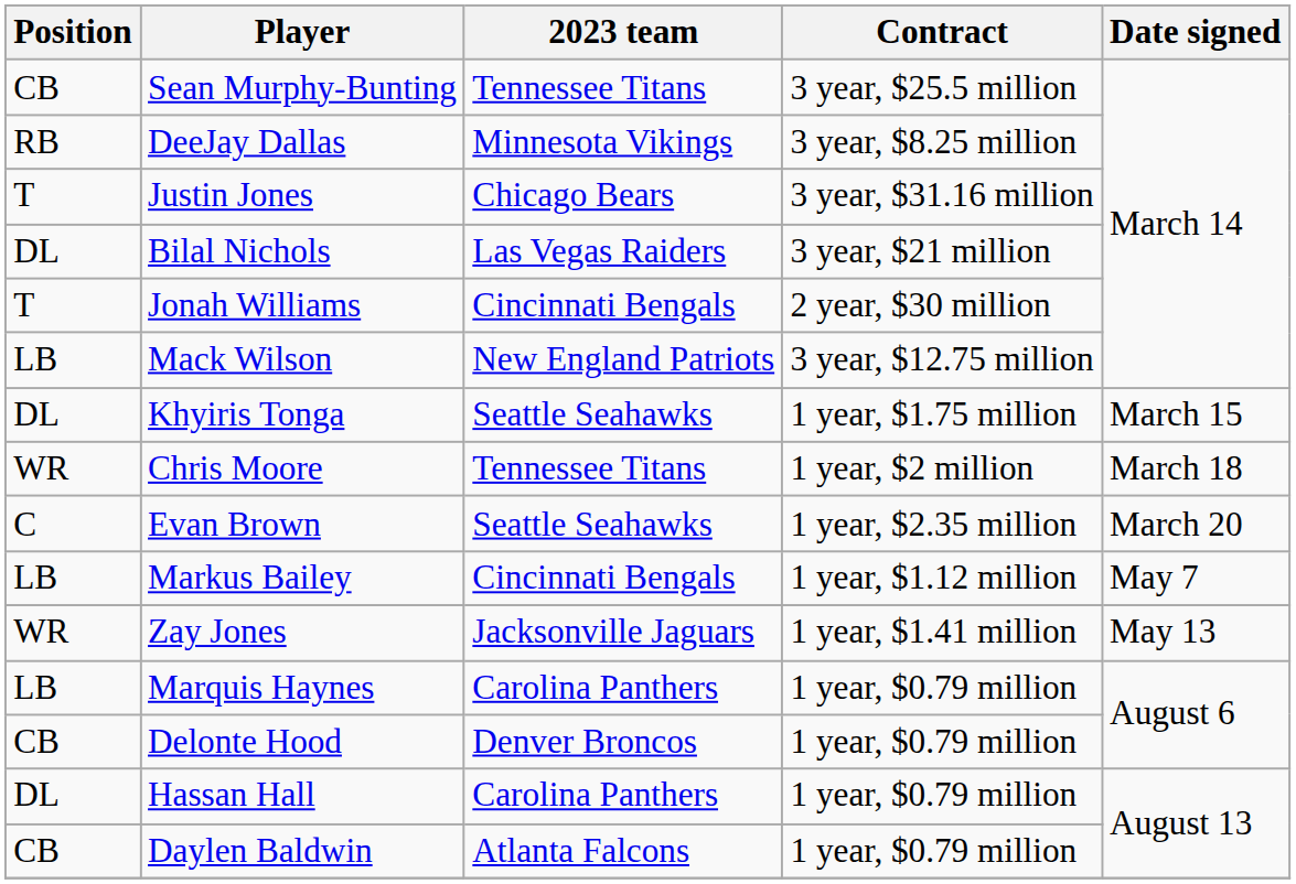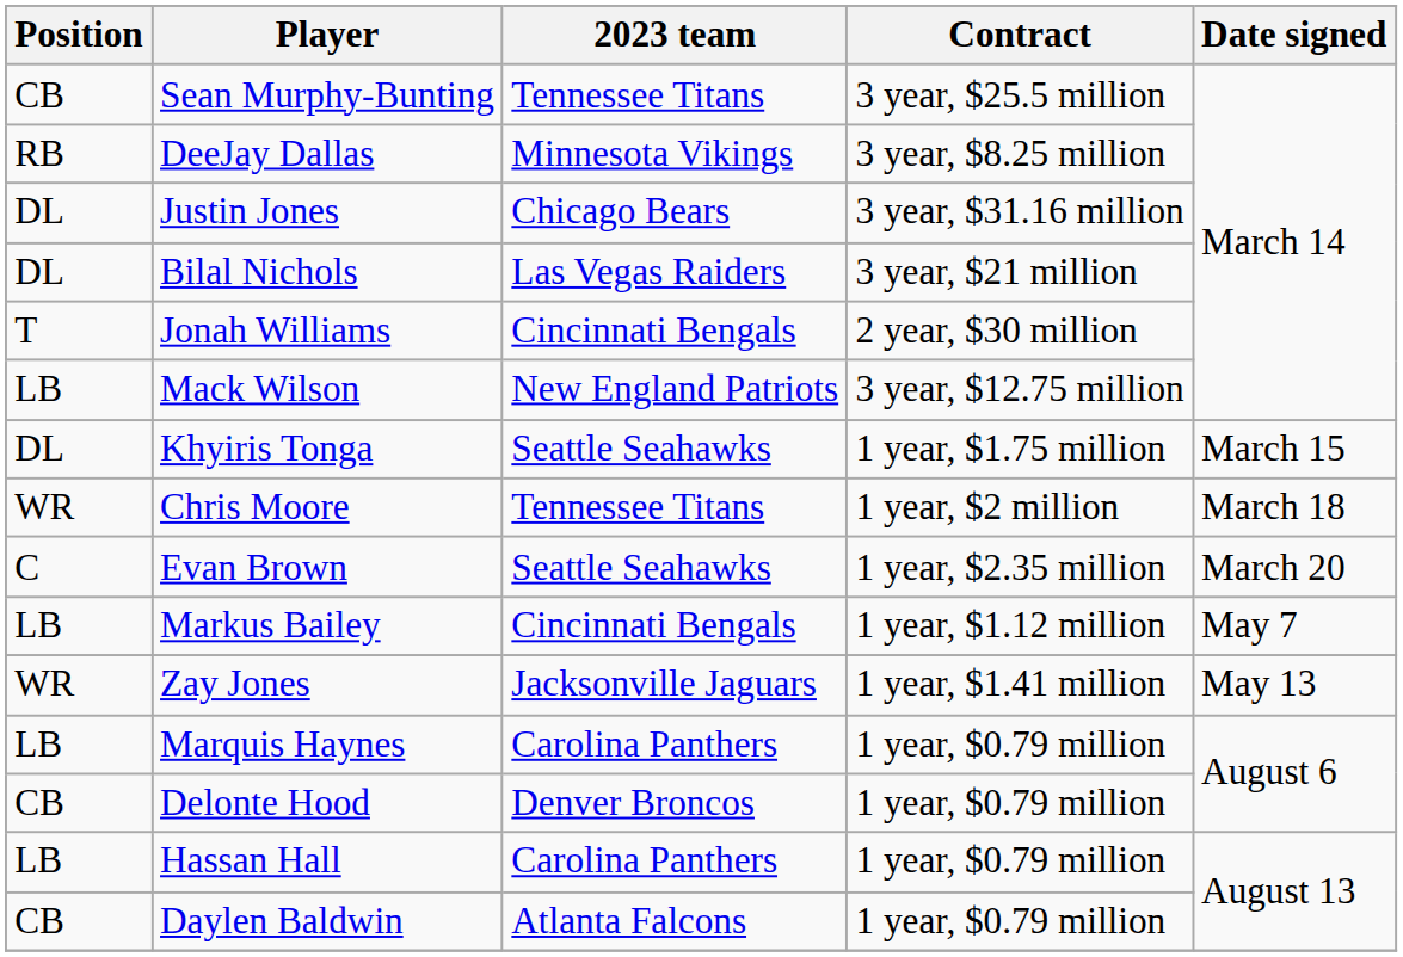 <table class="wikitable">
 <tr>
 <th>Position</th>
 <th>Player</th>
 <th>2023 team</th>
 <th>Contract</th>
 <th>Date signed</th>
 </tr>
 <tr>
 <td>CB</td>
 <td><a href='#'>Sean Murphy-Bunting</a></td>
 <td><a href='#'>Tennessee Titans</a></td>
 <td>3 year, $25.5 million</td>
 <td rowspan="6">March 14</td>
 </tr>
 <tr>
 <td>RB</td>
 <td><a href='#'>DeeJay Dallas</a></td>
 <td><a href='#'>Minnesota Vikings</a></td>
 <td>3 year, $8.25 million</td>
 </tr>
 <tr>
-<td>T</td>
+<td>DL</td>
 <td><a href='#'>Justin Jones</a></td>
 <td><a href='#'>Chicago Bears</a></td>
 <td>3 year, $31.16 million</td>
 </tr>
 <tr>
 <td>DL</td>
 <td><a href='#'>Bilal Nichols</a></td>
 <td><a href='#'>Las Vegas Raiders</a></td>
 <td>3 year, $21 million</td>
 </tr>
 <tr>
 <td>T</td>
 <td><a href='#'>Jonah Williams</a></td>
 <td><a href='#'>Cincinnati Bengals</a></td>
 <td>2 year, $30 million</td>
 </tr>
 <tr>
 <td>LB</td>
 <td><a href='#'>Mack Wilson</a></td>
 <td><a href='#'>New England Patriots</a></td>
 <td>3 year, $12.75 million</td>
 </tr>
 <tr>
 <td>DL</td>
 <td><a href='#'>Khyiris Tonga</a></td>
 <td><a href='#'>Seattle Seahawks</a></td>
 <td>1 year, $1.75 million</td>
 <td>March 15</td>
 </tr>
 <tr>
 <td>WR</td>
 <td><a href='#'>Chris Moore</a></td>
 <td><a href='#'>Tennessee Titans</a></td>
 <td>1 year, $2 million</td>
 <td>March 18</td>
 </tr>
 <tr>
 <td>C</td>
 <td><a href='#'>Evan Brown</a></td>
 <td><a href='#'>Seattle Seahawks</a></td>
 <td>1 year, $2.35 million</td>
 <td>March 20</td>
 </tr>
 <tr>
 <td>LB</td>
 <td><a href='#'>Markus Bailey</a></td>
 <td><a href='#'>Cincinnati Bengals</a></td>
 <td>1 year, $1.12 million</td>
 <td>May 7</td>
 </tr>
 <tr>
 <td>WR</td>
 <td><a href='#'>Zay Jones</a></td>
 <td><a href='#'>Jacksonville Jaguars</a></td>
 <td>1 year, $1.41 million</td>
 <td>May 13</td>
 </tr>
 <tr>
 <td>LB</td>
 <td><a href='#'>Marquis Haynes</a></td>
 <td><a href='#'>Carolina Panthers</a></td>
 <td>1 year, $0.79 million</td>
 <td rowspan="2">August 6</td>
 </tr>
 <tr>
 <td>CB</td>
 <td><a href='#'>Delonte Hood</a></td>
 <td><a href='#'>Denver Broncos</a></td>
 <td>1 year, $0.79 million</td>
 </tr>
 <tr>
-<td>DL</td>
+<td>LB</td>
 <td><a href='#'>Hassan Hall</a></td>
 <td><a href='#'>Carolina Panthers</a></td>
 <td>1 year, $0.79 million</td>
 <td rowspan="2">August 13</td>
 </tr>
 <tr>
 <td>CB</td>
 <td><a href='#'>Daylen Baldwin</a></td>
 <td><a href='#'>Atlanta Falcons</a></td>
 <td>1 year, $0.79 million</td>
 </tr>
 <tr>
 </tr>
 </table>
